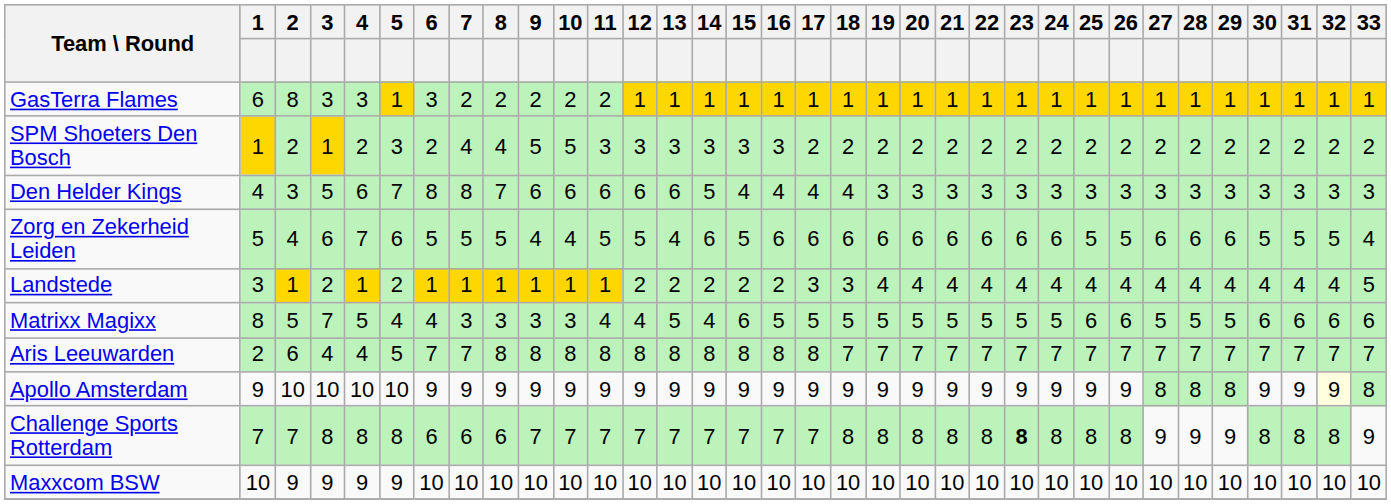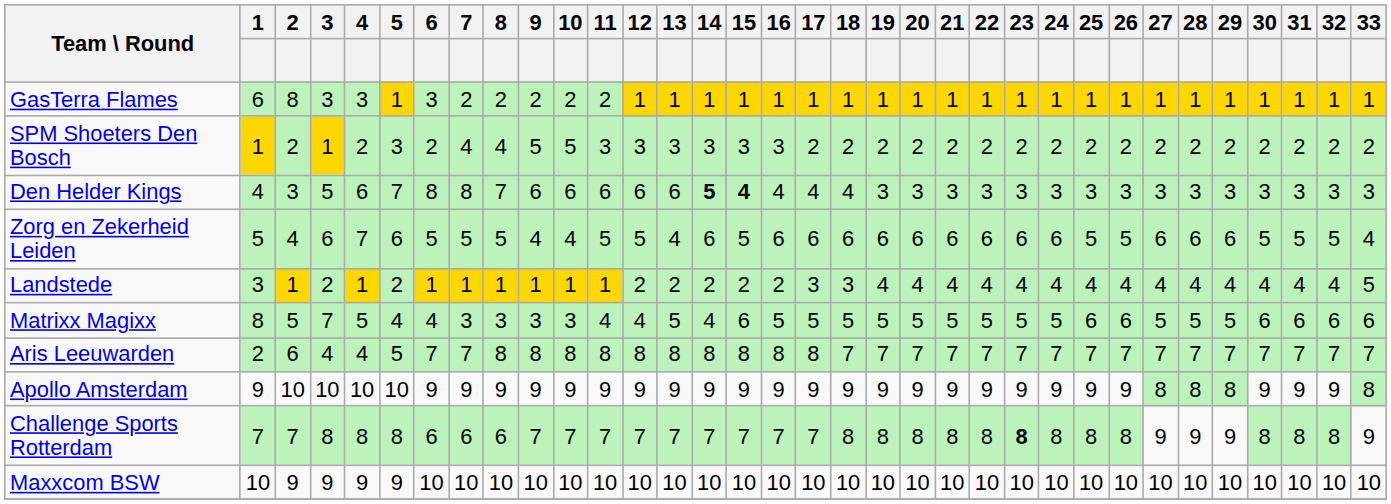 <table class="wikitable sortable" style="font-size: 85%; text-align:center;">
 <tr>
 <th rowspan="2" style="width:140px;">Team \ Round</th>
 <th align=center>1</th>
 <th align=center>2</th>
 <th align=center>3</th>
 <th align=center>4</th>
 <th align=center>5</th>
 <th align=center>6</th>
 <th align=center>7</th>
 <th align=center>8</th>
 <th align=center>9</th>
 <th align=center>10</th>
 <th align=center>11</th>
 <th align=center>12</th>
 <th align=center>13</th>
 <th align=center>14</th>
 <th align=center>15</th>
 <th align=center>16</th>
 <th align=center>17</th>
 <th align=center>18</th>
 <th align=center>19</th>
 <th align=center>20</th>
 <th align=center>21</th>
 <th align=center>22</th>
 <th align=center>23</th>
 <th align=center>24</th>
 <th align=center>25</th>
 <th align=center>26</th>
 <th align=center>27</th>
 <th align=center>28</th>
 <th align=center>29</th>
 <th align=center>30</th>
 <th align=center>31</th>
 <th align=center>32</th>
 <th align=center>33</th>
 </tr>
 <tr>
 <th style="text-align:center; height:20px;"></th>
 <th align=center></th>
 <th align=center></th>
 <th align=center></th>
 <th align=center></th>
 <th align=center></th>
 <th align=center></th>
 <th align=center></th>
 <th align=center></th>
 <th align=center></th>
 <th align=center></th>
 <th align=center></th>
 <th align=center></th>
 <th align=center></th>
 <th align=center></th>
 <th align=center></th>
 <th align=center></th>
 <th align=center></th>
 <th align=center></th>
 <th align=center></th>
 <th align=center></th>
 <th align=center></th>
 <th align=center></th>
 <th align=center></th>
 <th align=center></th>
 <th align=center></th>
 <th align=center></th>
 <th align=center></th>
 <th align=center></th>
 <th align=center></th>
 <th align=center></th>
 <th align=center></th>
 <th align=center></th>
 </tr>
 <tr>
 <td align=left><a href='#'>GasTerra Flames</a></td>
 <td style="background:#BBF3BB;">6</td>
 <td style="background:#BBF3BB;">8</td>
 <td style="background:#BBF3BB;">3</td>
 <td style="background:#BBF3BB;">3</td>
 <td style="background:gold;">1</td>
 <td style="background:#BBF3BB;">3</td>
 <td style="background:#BBF3BB;">2</td>
 <td style="background:#BBF3BB;">2</td>
 <td style="background:#BBF3BB;">2</td>
 <td style="background:#BBF3BB;">2</td>
 <td style="background:#BBF3BB;">2</td>
 <td style="background:gold;">1</td>
 <td style="background:gold;">1</td>
 <td style="background:gold;">1</td>
 <td style="background:gold;">1</td>
 <td style="background:gold;">1</td>
 <td style="background:gold;">1</td>
 <td style="background:gold;">1</td>
 <td style="background:gold;">1</td>
 <td style="background:gold;">1</td>
 <td style="background:gold;">1</td>
 <td style="background:gold;">1</td>
 <td style="background:gold;">1</td>
 <td style="background:gold;">1</td>
 <td style="background:gold;">1</td>
 <td style="background:gold;">1</td>
 <td style="background:gold;">1</td>
 <td style="background:gold;">1</td>
 <td style="background:gold;">1</td>
 <td style="background:gold;">1</td>
 <td style="background:gold;">1</td>
 <td style="background:gold;">1</td>
 <td style="background:gold;">1</td>
 </tr>
 <tr>
 <td align=left><a href='#'>SPM Shoeters Den Bosch</a></td>
 <td style="background:gold;">1</td>
 <td style="background:#BBF3BB;">2</td>
 <td style="background:gold;">1</td>
 <td style="background:#BBF3BB;">2</td>
 <td style="background:#BBF3BB;">3</td>
 <td style="background:#BBF3BB;">2</td>
 <td style="background:#BBF3BB;">4</td>
 <td style="background:#BBF3BB;">4</td>
 <td style="background:#BBF3BB;">5</td>
 <td style="background:#BBF3BB;">5</td>
 <td style="background:#BBF3BB;">3</td>
 <td style="background:#BBF3BB;">3</td>
 <td style="background:#BBF3BB;">3</td>
 <td style="background:#BBF3BB;">3</td>
 <td style="background:#BBF3BB;">3</td>
 <td style="background:#BBF3BB;">3</td>
 <td style="background:#BBF3BB;">2</td>
 <td style="background:#BBF3BB;">2</td>
 <td style="background:#BBF3BB;">2</td>
 <td style="background:#BBF3BB;">2</td>
 <td style="background:#BBF3BB;">2</td>
 <td style="background:#BBF3BB;">2</td>
 <td style="background:#BBF3BB;">2</td>
 <td style="background:#BBF3BB;">2</td>
 <td style="background:#BBF3BB;">2</td>
 <td style="background:#BBF3BB;">2</td>
 <td style="background:#BBF3BB;">2</td>
 <td style="background:#BBF3BB;">2</td>
 <td style="background:#BBF3BB;">2</td>
 <td style="background:#BBF3BB;">2</td>
 <td style="background:#BBF3BB;">2</td>
 <td style="background:#BBF3BB;">2</td>
 <td style="background:#BBF3BB;">2</td>
 </tr>
 <tr>
 <td align=left><a href='#'>Den Helder Kings</a></td>
 <td style="background:#BBF3BB;">4</td>
 <td style="background:#BBF3BB;">3</td>
 <td style="background:#BBF3BB;">5</td>
 <td style="background:#BBF3BB;">6</td>
 <td style="background:#BBF3BB;">7</td>
 <td style="background:#BBF3BB;">8</td>
 <td style="background:#BBF3BB;">8</td>
 <td style="background:#BBF3BB;">7</td>
 <td style="background:#BBF3BB;">6</td>
 <td style="background:#BBF3BB;">6</td>
 <td style="background:#BBF3BB;">6</td>
 <td style="background:#BBF3BB;">6</td>
 <td style="background:#BBF3BB;">6</td>
-<td style="background:#BBF3BB;">5</td>
-<td style="background:#BBF3BB;">4</td>
+<td style="background:#BBF3BB;"><strong>5</strong></td>
+<td style="background:#BBF3BB;"><strong>4</strong></td>
 <td style="background:#BBF3BB;">4</td>
 <td style="background:#BBF3BB;">4</td>
 <td style="background:#BBF3BB;">4</td>
 <td style="background:#BBF3BB;">3</td>
 <td style="background:#BBF3BB;">3</td>
 <td style="background:#BBF3BB;">3</td>
 <td style="background:#BBF3BB;">3</td>
 <td style="background:#BBF3BB;">3</td>
 <td style="background:#BBF3BB;">3</td>
 <td style="background:#BBF3BB;">3</td>
 <td style="background:#BBF3BB;">3</td>
 <td style="background:#BBF3BB;">3</td>
 <td style="background:#BBF3BB;">3</td>
 <td style="background:#BBF3BB;">3</td>
 <td style="background:#BBF3BB;">3</td>
 <td style="background:#BBF3BB;">3</td>
 <td style="background:#BBF3BB;">3</td>
 <td style="background:#BBF3BB;">3</td>
 </tr>
 <tr>
 <td align=left><a href='#'>Zorg en Zekerheid Leiden</a></td>
 <td style="background:#BBF3BB;">5</td>
 <td style="background:#BBF3BB;">4</td>
 <td style="background:#BBF3BB;">6</td>
 <td style="background:#BBF3BB;">7</td>
 <td style="background:#BBF3BB;">6</td>
 <td style="background:#BBF3BB;">5</td>
 <td style="background:#BBF3BB;">5</td>
 <td style="background:#BBF3BB;">5</td>
 <td style="background:#BBF3BB;">4</td>
 <td style="background:#BBF3BB;">4</td>
 <td style="background:#BBF3BB;">5</td>
 <td style="background:#BBF3BB;">5</td>
 <td style="background:#BBF3BB;">4</td>
 <td style="background:#BBF3BB;">6</td>
 <td style="background:#BBF3BB;">5</td>
 <td style="background:#BBF3BB;">6</td>
 <td style="background:#BBF3BB;">6</td>
 <td style="background:#BBF3BB;">6</td>
 <td style="background:#BBF3BB;">6</td>
 <td style="background:#BBF3BB;">6</td>
 <td style="background:#BBF3BB;">6</td>
 <td style="background:#BBF3BB;">6</td>
 <td style="background:#BBF3BB;">6</td>
 <td style="background:#BBF3BB;">6</td>
 <td style="background:#BBF3BB;">5</td>
 <td style="background:#BBF3BB;">5</td>
 <td style="background:#BBF3BB;">6</td>
 <td style="background:#BBF3BB;">6</td>
 <td style="background:#BBF3BB;">6</td>
 <td style="background:#BBF3BB;">5</td>
 <td style="background:#BBF3BB;">5</td>
 <td style="background:#BBF3BB;">5</td>
 <td style="background:#BBF3BB;">4</td>
 </tr>
 <tr>
 <td align=left><a href='#'>Landstede</a></td>
 <td style="background:#BBF3BB;">3</td>
 <td style="background:gold;">1</td>
 <td style="background:#BBF3BB;">2</td>
 <td style="background:gold;">1</td>
 <td style="background:#BBF3BB;">2</td>
 <td style="background:gold;">1</td>
 <td style="background:gold;">1</td>
 <td style="background:gold;">1</td>
 <td style="background:gold;">1</td>
 <td style="background:gold;">1</td>
 <td style="background:gold;">1</td>
 <td style="background:#BBF3BB;">2</td>
 <td style="background:#BBF3BB;">2</td>
 <td style="background:#BBF3BB;">2</td>
 <td style="background:#BBF3BB;">2</td>
 <td style="background:#BBF3BB;">2</td>
 <td style="background:#BBF3BB;">3</td>
 <td style="background:#BBF3BB;">3</td>
 <td style="background:#BBF3BB;">4</td>
 <td style="background:#BBF3BB;">4</td>
 <td style="background:#BBF3BB;">4</td>
 <td style="background:#BBF3BB;">4</td>
 <td style="background:#BBF3BB;">4</td>
 <td style="background:#BBF3BB;">4</td>
 <td style="background:#BBF3BB;">4</td>
 <td style="background:#BBF3BB;">4</td>
 <td style="background:#BBF3BB;">4</td>
 <td style="background:#BBF3BB;">4</td>
 <td style="background:#BBF3BB;">4</td>
 <td style="background:#BBF3BB;">4</td>
 <td style="background:#BBF3BB;">4</td>
 <td style="background:#BBF3BB;">4</td>
 <td style="background:#BBF3BB;">5</td>
 </tr>
 <tr>
 <td align=left><a href='#'>Matrixx Magixx</a></td>
 <td style="background:#BBF3BB;">8</td>
 <td style="background:#BBF3BB;">5</td>
 <td style="background:#BBF3BB;">7</td>
 <td style="background:#BBF3BB;">5</td>
 <td style="background:#BBF3BB;">4</td>
 <td style="background:#BBF3BB;">4</td>
 <td style="background:#BBF3BB;">3</td>
 <td style="background:#BBF3BB;">3</td>
 <td style="background:#BBF3BB;">3</td>
 <td style="background:#BBF3BB;">3</td>
 <td style="background:#BBF3BB;">4</td>
 <td style="background:#BBF3BB;">4</td>
 <td style="background:#BBF3BB;">5</td>
 <td style="background:#BBF3BB;">4</td>
 <td style="background:#BBF3BB;">6</td>
 <td style="background:#BBF3BB;">5</td>
 <td style="background:#BBF3BB;">5</td>
 <td style="background:#BBF3BB;">5</td>
 <td style="background:#BBF3BB;">5</td>
 <td style="background:#BBF3BB;">5</td>
 <td style="background:#BBF3BB;">5</td>
 <td style="background:#BBF3BB;">5</td>
 <td style="background:#BBF3BB;">5</td>
 <td style="background:#BBF3BB;">5</td>
 <td style="background:#BBF3BB;">6</td>
 <td style="background:#BBF3BB;">6</td>
 <td style="background:#BBF3BB;">5</td>
 <td style="background:#BBF3BB;">5</td>
 <td style="background:#BBF3BB;">5</td>
 <td style="background:#BBF3BB;">6</td>
 <td style="background:#BBF3BB;">6</td>
 <td style="background:#BBF3BB;">6</td>
 <td style="background:#BBF3BB;">6</td>
 </tr>
 <tr>
 <td align=left><a href='#'>Aris Leeuwarden</a></td>
 <td style="background:#BBF3BB;">2</td>
 <td style="background:#BBF3BB;">6</td>
 <td style="background:#BBF3BB;">4</td>
 <td style="background:#BBF3BB;">4</td>
 <td style="background:#BBF3BB;">5</td>
 <td style="background:#BBF3BB;">7</td>
 <td style="background:#BBF3BB;">7</td>
 <td style="background:#BBF3BB;">8</td>
 <td style="background:#BBF3BB;">8</td>
 <td style="background:#BBF3BB;">8</td>
 <td style="background:#BBF3BB;">8</td>
 <td style="background:#BBF3BB;">8</td>
 <td style="background:#BBF3BB;">8</td>
 <td style="background:#BBF3BB;">8</td>
 <td style="background:#BBF3BB;">8</td>
 <td style="background:#BBF3BB;">8</td>
 <td style="background:#BBF3BB;">8</td>
 <td style="background:#BBF3BB;">7</td>
 <td style="background:#BBF3BB;">7</td>
 <td style="background:#BBF3BB;">7</td>
 <td style="background:#BBF3BB;">7</td>
 <td style="background:#BBF3BB;">7</td>
 <td style="background:#BBF3BB;">7</td>
 <td style="background:#BBF3BB;">7</td>
 <td style="background:#BBF3BB;">7</td>
 <td style="background:#BBF3BB;">7</td>
 <td style="background:#BBF3BB;">7</td>
 <td style="background:#BBF3BB;">7</td>
 <td style="background:#BBF3BB;">7</td>
 <td style="background:#BBF3BB;">7</td>
 <td style="background:#BBF3BB;">7</td>
 <td style="background:#BBF3BB;">7</td>
 <td style="background:#BBF3BB;">7</td>
 </tr>
 <tr>
 <td align=left><a href='#'>Apollo Amsterdam</a></td>
 <td style="background: ;">9</td>
 <td style="background: ;">10</td>
 <td style="background: ;">10</td>
 <td style="background: ;">10</td>
 <td style="background: ;">10</td>
 <td style="background: ;">9</td>
 <td style="background: ;">9</td>
 <td style="background: ;">9</td>
 <td style="background: ;">9</td>
 <td style="background: ;">9</td>
 <td style="background: ;">9</td>
 <td style="background: ;">9</td>
 <td style="background: ;">9</td>
 <td style="background: ;">9</td>
 <td style="background: ;">9</td>
 <td style="background: ;">9</td>
 <td style="background: ;">9</td>
 <td style="background: ;">9</td>
 <td>9</td>
 <td>9</td>
 <td>9</td>
 <td>9</td>
 <td>9</td>
 <td>9</td>
 <td>9</td>
 <td>9</td>
 <td style="background:#BBF3BB;">8</td>
 <td style="background:#BBF3BB;">8</td>
 <td style="background:#BBF3BB;">8</td>
 <td>9</td>
 <td>9</td>
-<td style="background: lightyellow;">9</td>
+<td>9</td>
 <td style="background:#BBF3BB;">8</td>
 </tr>
 <tr>
 <td align=left><a href='#'>Challenge Sports Rotterdam</a></td>
 <td style="background:#BBF3BB;">7</td>
 <td style="background:#BBF3BB;">7</td>
 <td style="background:#BBF3BB;">8</td>
 <td style="background:#BBF3BB;">8</td>
 <td style="background:#BBF3BB;">8</td>
 <td style="background:#BBF3BB;">6</td>
 <td style="background:#BBF3BB;">6</td>
 <td style="background:#BBF3BB;">6</td>
 <td style="background:#BBF3BB;">7</td>
 <td style="background:#BBF3BB;">7</td>
 <td style="background:#BBF3BB;">7</td>
 <td style="background:#BBF3BB;">7</td>
 <td style="background:#BBF3BB;">7</td>
 <td style="background:#BBF3BB;">7</td>
 <td style="background:#BBF3BB;">7</td>
 <td style="background:#BBF3BB;">7</td>
 <td style="background:#BBF3BB;">7</td>
 <td style="background:#BBF3BB;">8</td>
 <td style="background:#BBF3BB;">8</td>
 <td style="background:#BBF3BB;">8</td>
 <td style="background:#BBF3BB;">8</td>
 <td style="background:#BBF3BB;">8</td>
 <td style="background:#BBF3BB;"><strong>8</strong></td>
 <td style="background:#BBF3BB;">8</td>
 <td style="background:#BBF3BB;">8</td>
 <td style="background:#BBF3BB;">8</td>
 <td>9</td>
 <td>9</td>
 <td>9</td>
 <td style="background:#BBF3BB;">8</td>
 <td style="background:#BBF3BB;">8</td>
 <td style="background:#BBF3BB;">8</td>
 <td>9</td>
 </tr>
 <tr>
 <td align=left><a href='#'>Maxxcom BSW</a></td>
 <td style="background: ;">10</td>
 <td style="background: ;">9</td>
 <td style="background: ;">9</td>
 <td style="background: ;">9</td>
 <td style="background: ;">9</td>
 <td style="background: ;">10</td>
 <td style="background: ;">10</td>
 <td style="background: ;">10</td>
 <td style="background: ;">10</td>
 <td style="background: ;">10</td>
 <td style="background: ;">10</td>
 <td style="background: ;">10</td>
 <td style="background: ;">10</td>
 <td style="background: ;">10</td>
 <td style="background: ;">10</td>
 <td style="background: ;">10</td>
 <td style="background: ;">10</td>
 <td>10</td>
 <td>10</td>
 <td>10</td>
 <td>10</td>
 <td>10</td>
 <td>10</td>
 <td>10</td>
 <td>10</td>
 <td>10</td>
 <td>10</td>
 <td>10</td>
 <td>10</td>
 <td>10</td>
 <td>10</td>
 <td>10</td>
 <td>10</td>
 </tr>
 <tr>
 </tr>
 </table>
